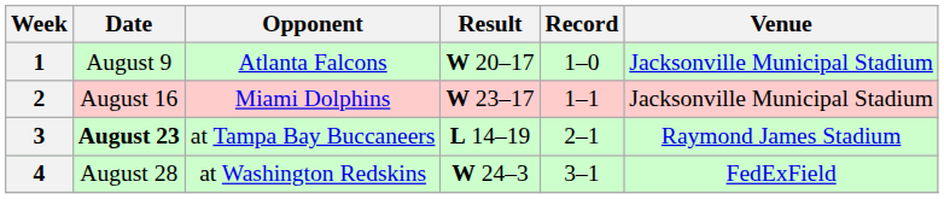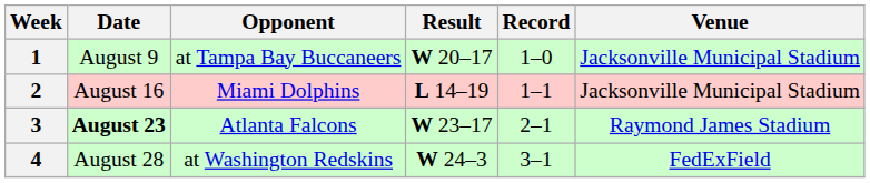 <table class="wikitable" style="text-align:center">
 <tr>
 <th>Week</th>
 <th>Date</th>
 <th>Opponent</th>
 <th>Result</th>
 <th>Record</th>
 <th>Venue</th>
 </tr>
 <tr style="background:#cfc;">
 <th>1</th>
 <td>August 9</td>
-<td><a href='#'>Atlanta Falcons</a></td>
+<td>at <a href='#'>Tampa Bay Buccaneers</a></td>
 <td><strong>W</strong> 20–17</td>
 <td>1–0</td>
 <td><a href='#'>Jacksonville Municipal Stadium</a></td>
 </tr>
 <tr style="background:#fcc;">
 <th>2</th>
 <td>August 16</td>
 <td><a href='#'>Miami Dolphins</a></td>
-<td><strong>W</strong> 23–17</td>
+<td><strong>L</strong> 14–19</td>
 <td>1–1</td>
 <td>Jacksonville Municipal Stadium</td>
 </tr>
 <tr style="background:#cfc;">
 <th>3</th>
 <td><strong>August 23</strong></td>
-<td>at <a href='#'>Tampa Bay Buccaneers</a></td>
-<td><strong>L</strong> 14–19</td>
+<td><a href='#'>Atlanta Falcons</a></td>
+<td><strong>W</strong> 23–17</td>
 <td>2–1</td>
 <td><a href='#'>Raymond James Stadium</a></td>
 </tr>
 <tr style="background:#cfc;">
 <th>4</th>
 <td>August 28</td>
 <td>at <a href='#'>Washington Redskins</a></td>
 <td><strong>W</strong> 24–3</td>
 <td>3–1</td>
 <td><a href='#'>FedExField</a></td>
 </tr>
 <tr>
 </tr>
 </table>
